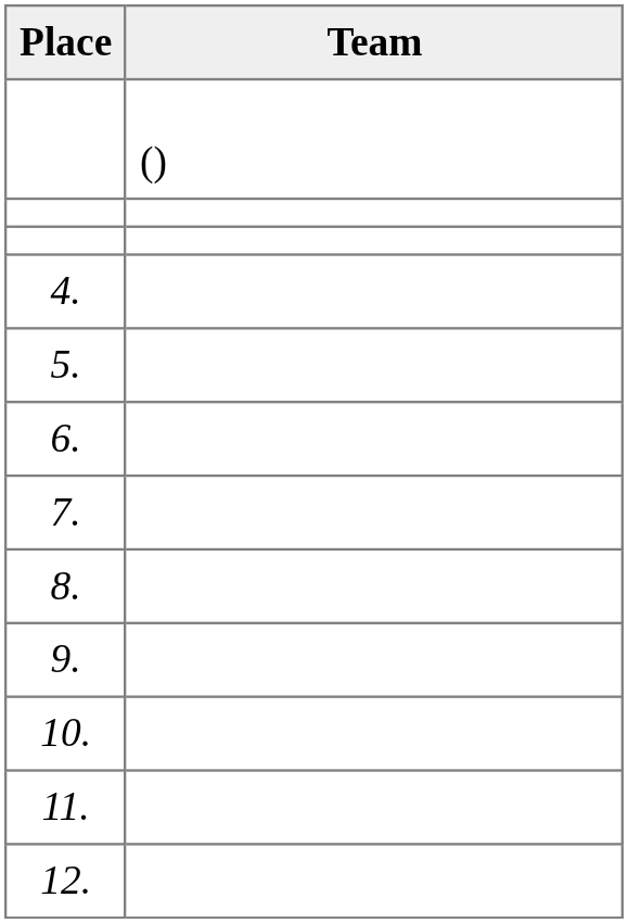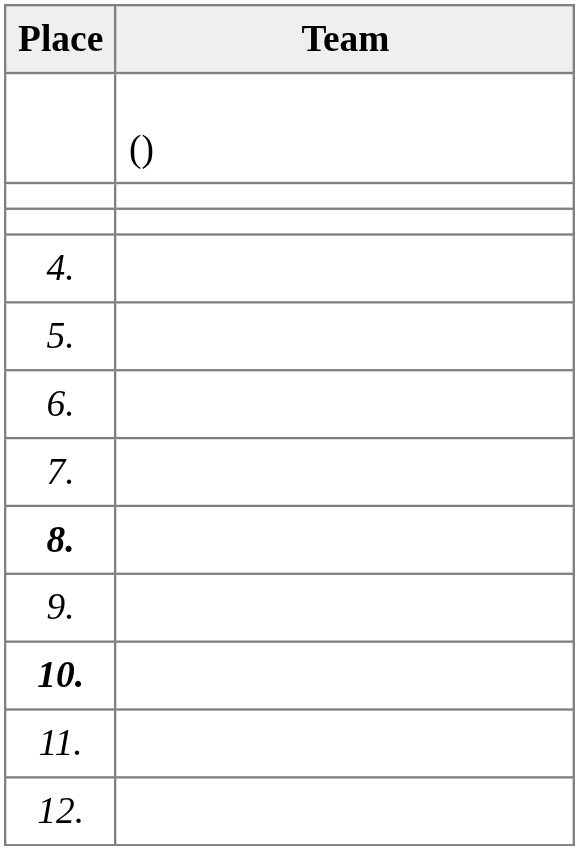 <table style=border-collapse:collapse border=1 cellspacing=0 cellpadding=5>
 <tr align=center bgcolor=#efefef>
 <th width=35>Place</th>
 <th width=185>Team</th>
 </tr>
 <tr align=center>
 <td></td>
 <td style="text-align:left;"><br><s></s> ()</td>
 </tr>
 <tr align=center>
 <td></td>
 <td style="text-align:left;"></td>
 </tr>
 <tr align=center>
 <td></td>
 <td style="text-align:left;"></td>
 </tr>
 <tr align=center>
 <td><em>4.</em></td>
 <td style="text-align:left;"></td>
 </tr>
 <tr align=center>
 <td><em>5.</em></td>
 <td style="text-align:left;"></td>
 </tr>
 <tr align=center>
 <td><em>6.</em></td>
 <td style="text-align:left;"></td>
 </tr>
 <tr align=center>
 <td><em>7.</em></td>
 <td style="text-align:left;"></td>
 </tr>
 <tr align=center>
-<td><em>8.</em></td>
+<td><strong><em>8.</em></strong></td>
 <td style="text-align:left;"></td>
 </tr>
 <tr align=center>
 <td><em>9.</em></td>
 <td style="text-align:left;"></td>
 </tr>
 <tr align=center>
-<td><em>10.</em></td>
+<td><strong><em>10.</em></strong></td>
 <td style="text-align:left;"></td>
 </tr>
 <tr align=center>
 <td><em>11.</em></td>
 <td style="text-align:left;"></td>
 </tr>
 <tr align=center>
 <td><em>12.</em></td>
 <td style="text-align:left;"></td>
 </tr>
 </table>
